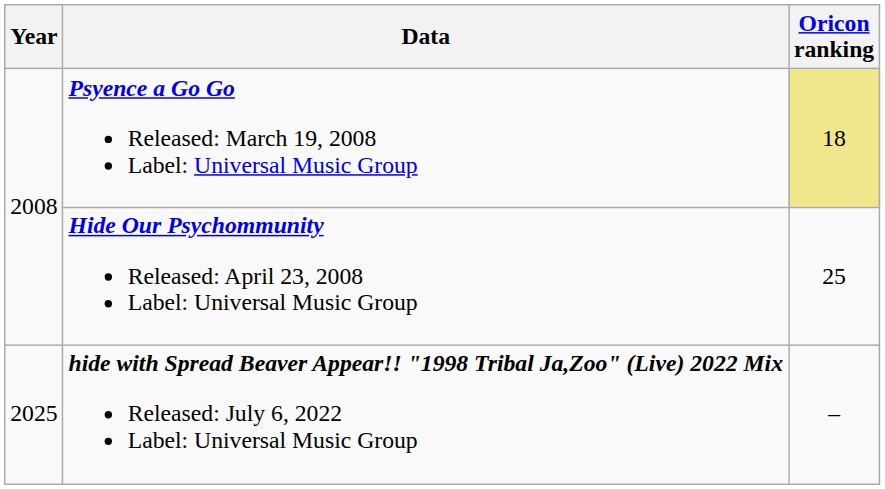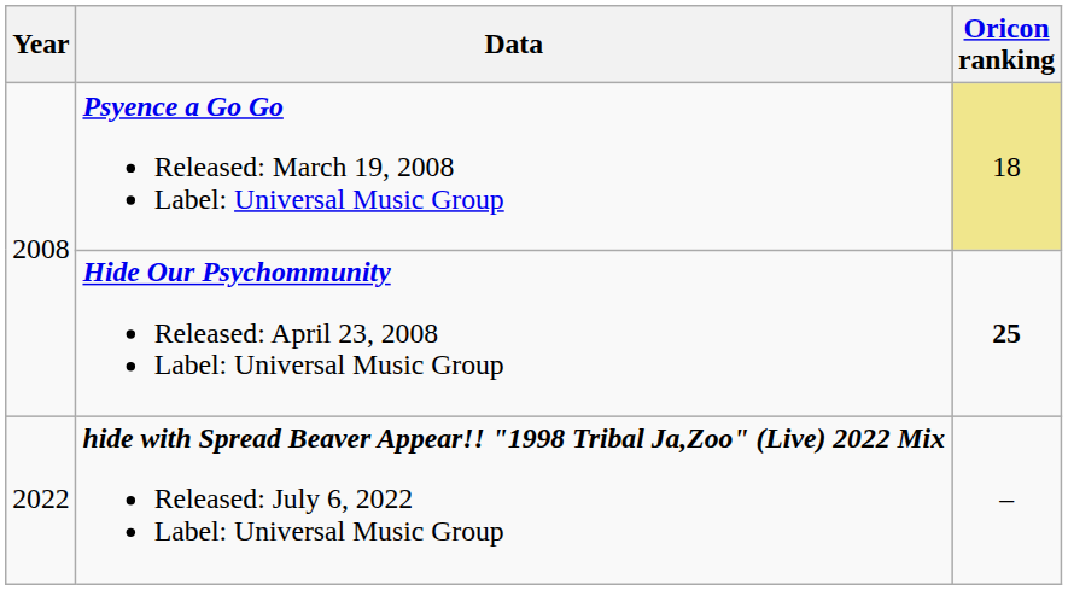 <table class="wikitable">
 <tr>
 <th>Year</th>
 <th>Data</th>
 <th><a href='#'>Oricon</a><br>ranking</th>
 </tr>
 <tr>
 <td rowspan="2">2008</td>
 <td><strong><em><a href='#'>Psyence a Go Go</a></em></strong><br><ul><li>Released: March 19, 2008</li><li>Label: <a href='#'>Universal Music Group</a></li></ul></td>
 <td style="background: khaki; text-align:center;">18</td>
 </tr>
 <tr>
 <td><strong><em><a href='#'>Hide Our Psychommunity</a></em></strong><br><ul><li>Released: April 23, 2008</li><li>Label: Universal Music Group</li></ul></td>
-<td style="text-align:center;">25</td>
+<td style="text-align:center;"><strong>25</strong></td>
 </tr>
 <tr>
-<td>2025</td>
+<td>2022</td>
 <td><strong><em>hide with Spread Beaver Appear!! "1998 Tribal Ja,Zoo" (Live) 2022 Mix</em></strong><br><ul><li>Released: July 6, 2022</li><li>Label: Universal Music Group</li></ul></td>
 <td style="text-align:center;">–</td>
 </tr>
 </table>
